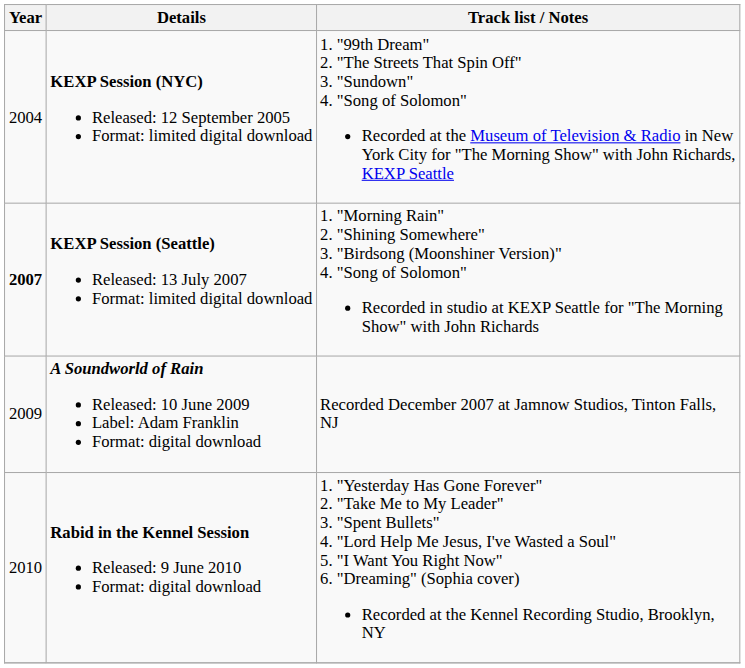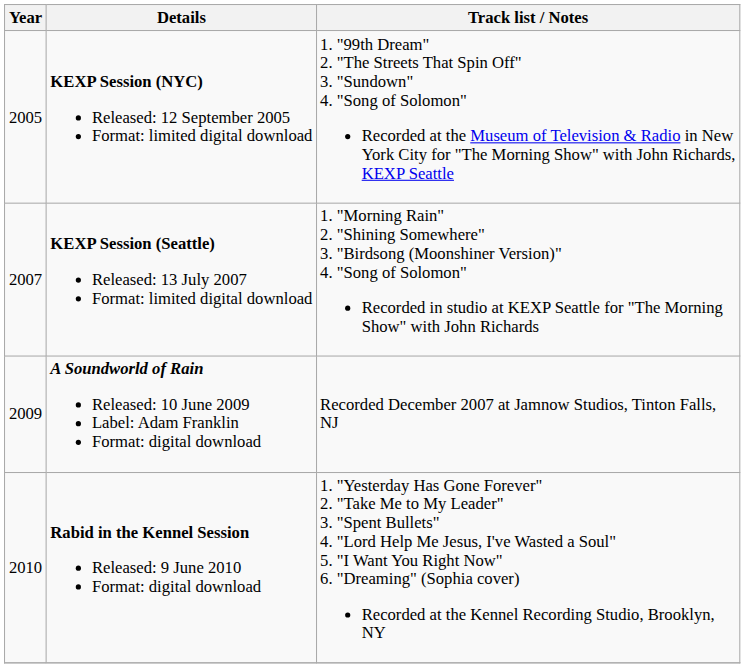 <table class="wikitable">
 <tr>
 <th width="33">Year</th>
 <th>Details</th>
 <th width="400">Track list / Notes</th>
 </tr>
 <tr>
-<td align="center">2004</td>
+<td align="center">2005</td>
 <td><strong>KEXP Session (NYC)</strong><br><ul><li>Released: 12 September 2005</li><li>Format: limited digital download</li></ul></td>
 <td>1. "99th Dream"<br>2. "The Streets That Spin Off"<br>3. "Sundown"<br>4. "Song of Solomon"<br><ul><li>Recorded at the <a href='#'>Museum of Television & Radio</a> in New York City for "The Morning Show" with John Richards, <a href='#'>KEXP Seattle</a></li></ul></td>
 </tr>
 <tr>
-<td align="center"><strong>2007</strong></td>
+<td align="center">2007</td>
 <td><strong>KEXP Session (Seattle)</strong><br><ul><li>Released: 13 July 2007</li><li>Format: limited digital download</li></ul></td>
 <td>1. "Morning Rain"<br>2. "Shining Somewhere"<br>3. "Birdsong (Moonshiner Version)"<br>4. "Song of Solomon"<br><ul><li>Recorded in studio at KEXP Seattle for "The Morning Show" with John Richards</li></ul></td>
 </tr>
 <tr>
 <td align="center">2009</td>
 <td><strong><em>A Soundworld of Rain</em></strong><br><ul><li>Released: 10 June 2009</li><li>Label: Adam Franklin</li><li>Format: digital download</li></ul></td>
 <td>Recorded December 2007 at Jamnow Studios, Tinton Falls, NJ</td>
 </tr>
 <tr>
 <td align="center">2010</td>
 <td><strong>Rabid in the Kennel Session</strong><br><ul><li>Released: 9 June 2010</li><li>Format: digital download</li></ul></td>
 <td>1. "Yesterday Has Gone Forever"<br>2. "Take Me to My Leader"<br>3. "Spent Bullets"<br>4. "Lord Help Me Jesus, I've Wasted a Soul"<br>5. "I Want You Right Now"<br>6. "Dreaming" (Sophia cover)<br><ul><li>Recorded at the Kennel Recording Studio, Brooklyn, NY</li></ul></td>
 </tr>
 <tr>
 </tr>
 </table>
